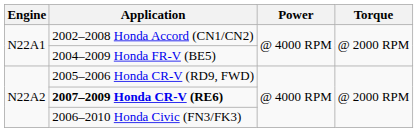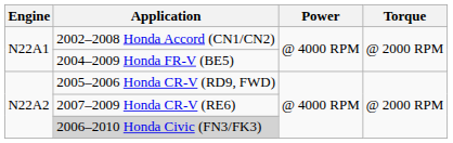 <table class="wikitable">
 <tr>
 <th>Engine</th>
 <th>Application</th>
 <th>Power</th>
 <th>Torque</th>
 </tr>
 <tr>
 <td rowspan="2">N22A1</td>
 <td>2002–2008 <a href='#'>Honda Accord</a> (CN1/CN2)</td>
 <td rowspan="2"> @ 4000 RPM</td>
 <td rowspan="2"> @ 2000 RPM</td>
 </tr>
 <tr>
 <td>2004–2009 <a href='#'>Honda FR-V</a> (BE5)</td>
 </tr>
 <tr>
 <td rowspan="3">N22A2</td>
 <td>2005–2006 <a href='#'>Honda CR-V</a>  (RD9, FWD)</td>
 <td rowspan="3"> @ 4000 RPM</td>
 <td rowspan="3"> @ 2000 RPM</td>
 </tr>
 <tr>
-<td><strong>2007–2009 <a href='#'>Honda CR-V</a> (RE6)</strong></td>
+<td>2007–2009 <a href='#'>Honda CR-V</a> (RE6)</td>
 </tr>
 <tr>
-<td>2006–2010 <a href='#'>Honda Civic</a> (FN3/FK3)</td>
+<td style="background: lightgrey;">2006–2010 <a href='#'>Honda Civic</a> (FN3/FK3)</td>
 </tr>
 </table>
